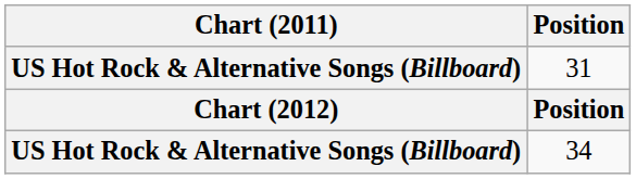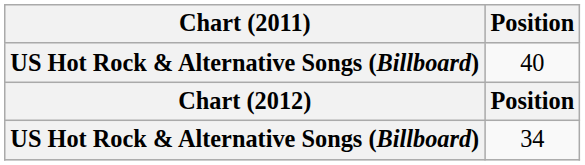 <table class="wikitable plainrowheaders" style="text-align:center">
 <tr>
 <th scope="col">Chart (2011)</th>
 <th scope="col">Position</th>
 </tr>
 <tr>
 <th scope="row">US Hot Rock & Alternative Songs (<em>Billboard</em>)</th>
-<td>31</td>
+<td>40</td>
 </tr>
 <tr>
 <th scope="col">Chart (2012)</th>
 <th scope="col">Position</th>
 </tr>
 <tr>
 <th scope="row">US Hot Rock & Alternative Songs (<em>Billboard</em>)</th>
 <td>34</td>
 </tr>
 </table>
